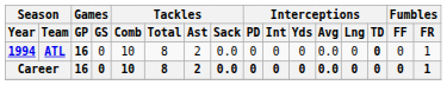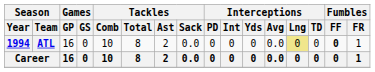 <table class="wikitable" style="text-align:center; width=%50">
 <tr>
 <th colspan="2">Season</th>
 <th colspan="2">Games</th>
 <th colspan="4">Tackles</th>
 <th colspan="6">Interceptions</th>
 <th colspan="2">Fumbles</th>
 </tr>
 <tr>
 <th>Year</th>
 <th>Team</th>
 <th>GP</th>
 <th>GS</th>
 <th>Comb</th>
 <th>Total</th>
 <th>Ast</th>
 <th>Sack</th>
 <th>PD</th>
 <th>Int</th>
 <th>Yds</th>
 <th>Avg</th>
 <th>Lng</th>
 <th>TD</th>
 <th>FF</th>
 <th>FR</th>
 </tr>
 <tr>
 <th><a href='#'>1994</a></th>
 <th><a href='#'>ATL</a></th>
-<td><strong>16</strong></td>
+<td>16</td>
 <td>0</td>
 <td>10</td>
 <td>8</td>
 <td>2</td>
 <td>0.0</td>
 <td>0</td>
 <td>0</td>
 <td>0</td>
 <td>0.0</td>
+<td style="background: khaki;">0</td>
 <td>0</td>
 <td><strong>0</strong></td>
-<td>0</td>
 <td>1</td>
 </tr>
 <tr>
 <th colspan="2">Career</th>
 <th>16</th>
 <th>0</th>
 <th>10</th>
 <th>8</th>
 <th>2</th>
 <th>0.0</th>
 <th>0</th>
 <th>0</th>
 <th>0</th>
 <th>0.0</th>
 <th>0</th>
 <th>0</th>
 <th>0</th>
 <th>1</th>
 </tr>
 <tr>
 </tr>
 </table>
